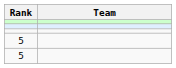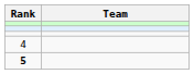 <table class="wikitable" style="text-align: center;">
 <tr>
 <th width=40>Rank</th>
 <th width=180>Team</th>
 </tr>
 <tr bgcolor=#ccffcc>
 <td></td>
 <td align=left></td>
 </tr>
 <tr bgcolor=#dfefff>
 <td></td>
 <td align=left></td>
 </tr>
 <tr>
 <td></td>
 <td align=left></td>
 </tr>
 <tr>
-<td>5</td>
+<td>4</td>
 <td align=left></td>
 </tr>
 <tr>
-<td>5</td>
+<td><strong>5</strong></td>
 <td align=left></td>
 </tr>
 </table>
